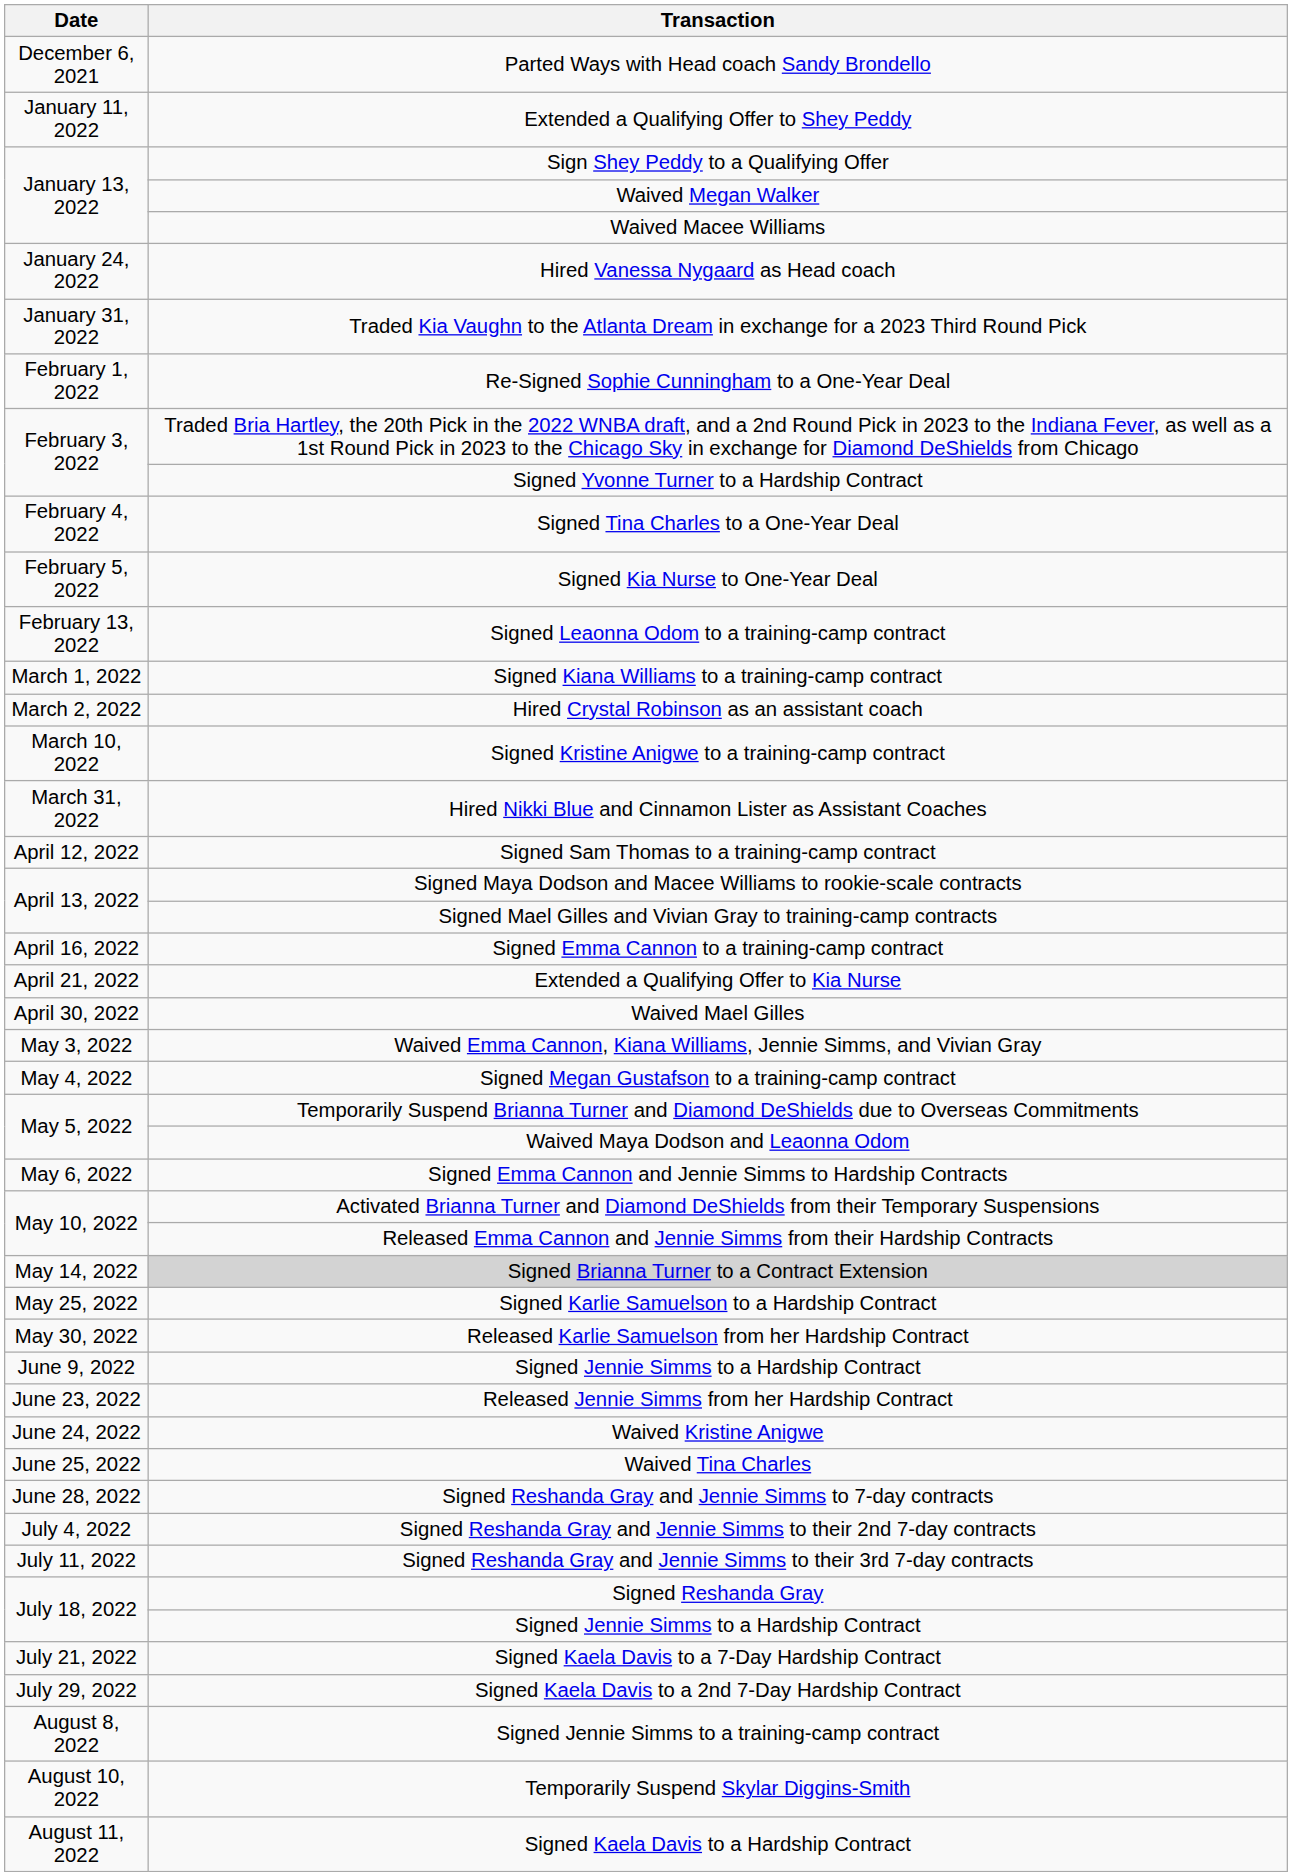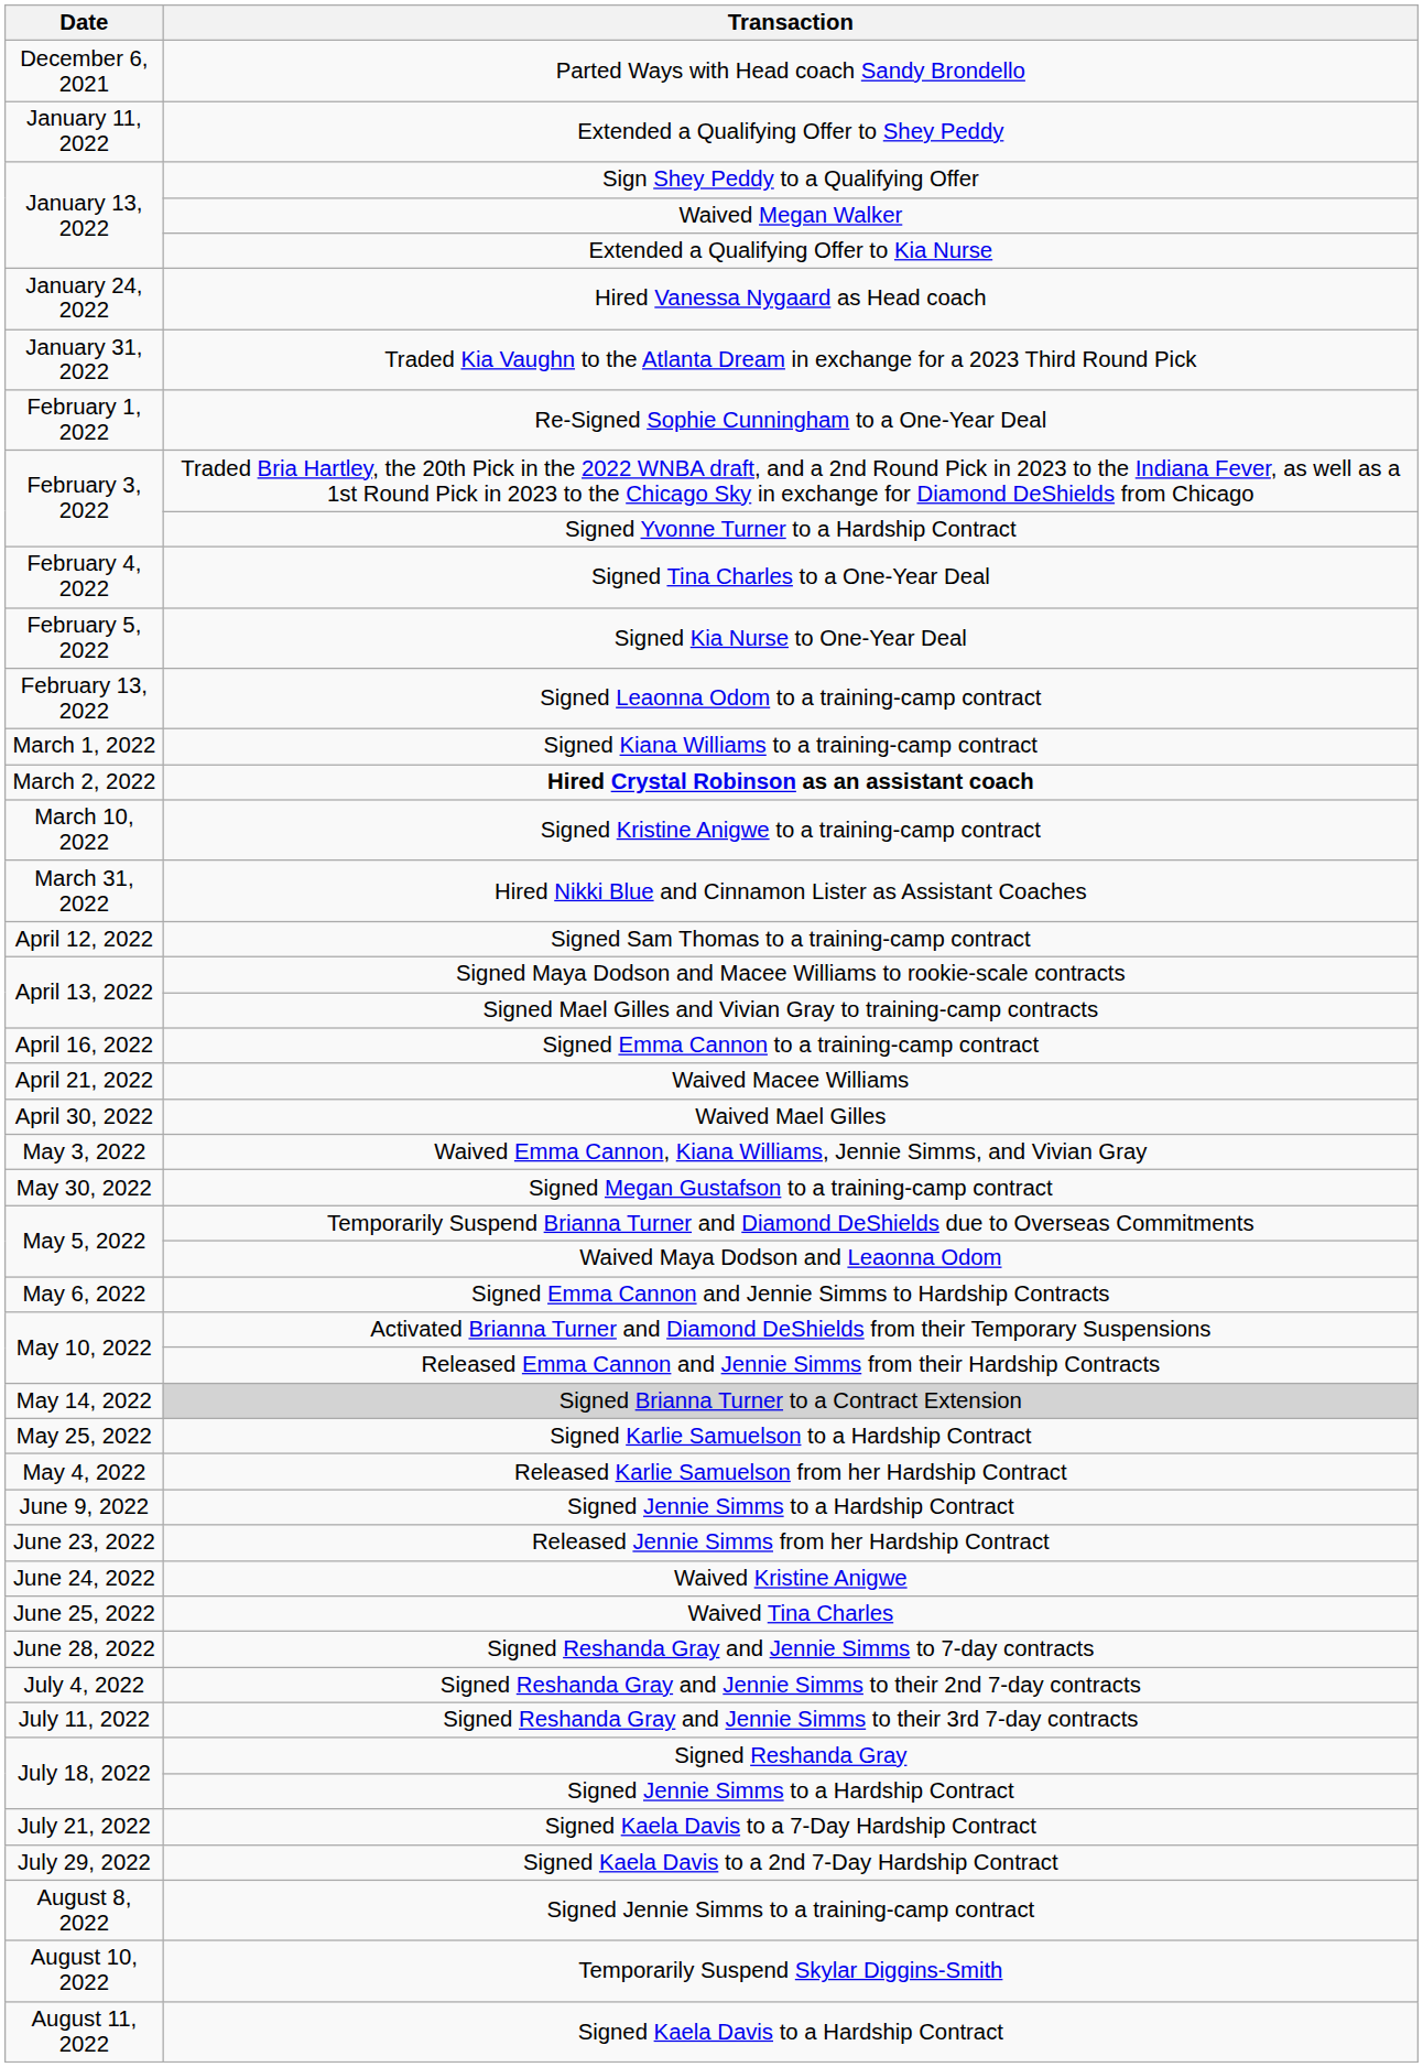 <table class="wikitable" style="width:80%; text-align: center">
 <tr>
 <th>Date</th>
 <th>Transaction</th>
 </tr>
 <tr>
 <td>December 6, 2021</td>
 <td>Parted Ways with Head coach <a href='#'>Sandy Brondello</a></td>
 </tr>
 <tr>
 <td>January 11, 2022</td>
 <td>Extended a Qualifying Offer to <a href='#'>Shey Peddy</a></td>
 </tr>
 <tr>
 <td rowspan=3>January 13, 2022</td>
 <td>Sign <a href='#'>Shey Peddy</a> to a Qualifying Offer </td>
 </tr>
 <tr>
 <td>Waived <a href='#'>Megan Walker</a></td>
 </tr>
 <tr>
-<td>Waived Macee Williams</td>
+<td>Extended a Qualifying Offer to <a href='#'>Kia Nurse</a></td>
 </tr>
 <tr>
 <td>January 24, 2022</td>
 <td>Hired <a href='#'>Vanessa Nygaard</a> as Head coach</td>
 </tr>
 <tr>
 <td>January 31, 2022</td>
 <td>Traded <a href='#'>Kia Vaughn</a> to the <a href='#'>Atlanta Dream</a> in exchange for a 2023 Third Round Pick</td>
 </tr>
 <tr>
 <td>February 1, 2022</td>
 <td>Re-Signed <a href='#'>Sophie Cunningham</a> to a One-Year Deal</td>
 </tr>
 <tr>
 <td rowspan=2>February 3, 2022</td>
 <td>Traded <a href='#'>Bria Hartley</a>, the 20th Pick in the <a href='#'>2022 WNBA draft</a>, and a 2nd Round Pick in 2023 to the <a href='#'>Indiana Fever</a>, as well as a 1st Round Pick in 2023 to the <a href='#'>Chicago Sky</a> in exchange for <a href='#'>Diamond DeShields</a> from Chicago</td>
 </tr>
 <tr>
 <td>Signed <a href='#'>Yvonne Turner</a> to a Hardship Contract</td>
 </tr>
 <tr>
 <td>February 4, 2022</td>
 <td>Signed <a href='#'>Tina Charles</a> to a One-Year Deal</td>
 </tr>
 <tr>
 <td>February 5, 2022</td>
 <td>Signed <a href='#'>Kia Nurse</a> to One-Year Deal</td>
 </tr>
 <tr>
 <td>February 13, 2022</td>
 <td>Signed <a href='#'>Leaonna Odom</a> to a training-camp contract</td>
 </tr>
 <tr>
 <td>March 1, 2022</td>
 <td>Signed <a href='#'>Kiana Williams</a> to a training-camp contract</td>
 </tr>
 <tr>
 <td>March 2, 2022</td>
-<td>Hired <a href='#'>Crystal Robinson</a> as an assistant coach</td>
+<td><strong>Hired <a href='#'>Crystal Robinson</a> as an assistant coach</strong></td>
 </tr>
 <tr>
 <td>March 10, 2022</td>
 <td>Signed <a href='#'>Kristine Anigwe</a> to a training-camp contract</td>
 </tr>
 <tr>
 <td>March 31, 2022</td>
 <td>Hired <a href='#'>Nikki Blue</a> and Cinnamon Lister as Assistant Coaches</td>
 </tr>
 <tr>
 <td>April 12, 2022</td>
 <td>Signed Sam Thomas to a training-camp contract</td>
 </tr>
 <tr>
 <td rowspan=2>April 13, 2022</td>
 <td>Signed Maya Dodson and Macee Williams to rookie-scale contracts</td>
 </tr>
 <tr>
 <td>Signed Mael Gilles and Vivian Gray to training-camp contracts</td>
 </tr>
 <tr>
 <td>April 16, 2022</td>
 <td>Signed <a href='#'>Emma Cannon</a> to a training-camp contract</td>
 </tr>
 <tr>
 <td>April 21, 2022</td>
-<td>Extended a Qualifying Offer to <a href='#'>Kia Nurse</a></td>
+<td>Waived Macee Williams</td>
 </tr>
 <tr>
 <td>April 30, 2022</td>
 <td>Waived Mael Gilles </td>
 </tr>
 <tr>
 <td>May 3, 2022</td>
 <td>Waived <a href='#'>Emma Cannon</a>, <a href='#'>Kiana Williams</a>, Jennie Simms, and Vivian Gray</td>
 </tr>
 <tr>
-<td>May 4, 2022</td>
+<td>May 30, 2022</td>
 <td>Signed <a href='#'>Megan Gustafson</a> to a training-camp contract</td>
 </tr>
 <tr>
 <td rowspan=2>May 5, 2022</td>
 <td>Temporarily Suspend <a href='#'>Brianna Turner</a> and <a href='#'>Diamond DeShields</a> due to Overseas Commitments</td>
 </tr>
 <tr>
 <td>Waived Maya Dodson and <a href='#'>Leaonna Odom</a></td>
 </tr>
 <tr>
 <td>May 6, 2022</td>
 <td>Signed <a href='#'>Emma Cannon</a> and Jennie Simms to Hardship Contracts</td>
 </tr>
 <tr>
 <td rowspan=2>May 10, 2022</td>
 <td>Activated <a href='#'>Brianna Turner</a> and <a href='#'>Diamond DeShields</a> from their Temporary Suspensions</td>
 </tr>
 <tr>
 <td>Released <a href='#'>Emma Cannon</a> and <a href='#'>Jennie Simms</a> from their Hardship Contracts</td>
 </tr>
 <tr>
 <td>May 14, 2022</td>
 <td style="background: lightgrey;">Signed <a href='#'>Brianna Turner</a> to a Contract Extension</td>
 </tr>
 <tr>
 <td>May 25, 2022</td>
 <td>Signed <a href='#'>Karlie Samuelson</a> to a Hardship Contract</td>
 </tr>
 <tr>
-<td>May 30, 2022</td>
+<td>May 4, 2022</td>
 <td>Released <a href='#'>Karlie Samuelson</a> from her Hardship Contract</td>
 </tr>
 <tr>
 <td>June 9, 2022</td>
 <td>Signed <a href='#'>Jennie Simms</a> to a Hardship Contract</td>
 </tr>
 <tr>
 <td>June 23, 2022</td>
 <td>Released <a href='#'>Jennie Simms</a> from her Hardship Contract</td>
 </tr>
 <tr>
 <td>June 24, 2022</td>
 <td>Waived <a href='#'>Kristine Anigwe</a></td>
 </tr>
 <tr>
 <td>June 25, 2022</td>
 <td>Waived <a href='#'>Tina Charles</a></td>
 </tr>
 <tr>
 <td>June 28, 2022</td>
 <td>Signed <a href='#'>Reshanda Gray</a> and <a href='#'>Jennie Simms</a> to 7-day contracts</td>
 </tr>
 <tr>
 <td>July 4, 2022</td>
 <td>Signed <a href='#'>Reshanda Gray</a> and <a href='#'>Jennie Simms</a> to their 2nd 7-day contracts</td>
 </tr>
 <tr>
 <td>July 11, 2022</td>
 <td>Signed <a href='#'>Reshanda Gray</a> and <a href='#'>Jennie Simms</a> to their 3rd 7-day contracts</td>
 </tr>
 <tr>
 <td rowspan=2>July 18, 2022</td>
 <td>Signed <a href='#'>Reshanda Gray</a></td>
 </tr>
 <tr>
 <td>Signed <a href='#'>Jennie Simms</a> to a Hardship Contract</td>
 </tr>
 <tr>
 <td>July 21, 2022</td>
 <td>Signed <a href='#'>Kaela Davis</a> to a 7-Day Hardship Contract</td>
 </tr>
 <tr>
 <td>July 29, 2022</td>
 <td>Signed <a href='#'>Kaela Davis</a> to a 2nd 7-Day Hardship Contract</td>
 </tr>
 <tr>
 <td>August 8, 2022</td>
 <td>Signed Jennie Simms to a training-camp contract</td>
 </tr>
 <tr>
 <td>August 10, 2022</td>
 <td>Temporarily Suspend <a href='#'>Skylar Diggins-Smith</a></td>
 </tr>
 <tr>
 <td>August 11, 2022</td>
 <td>Signed <a href='#'>Kaela Davis</a> to a Hardship Contract</td>
 </tr>
 </table>
